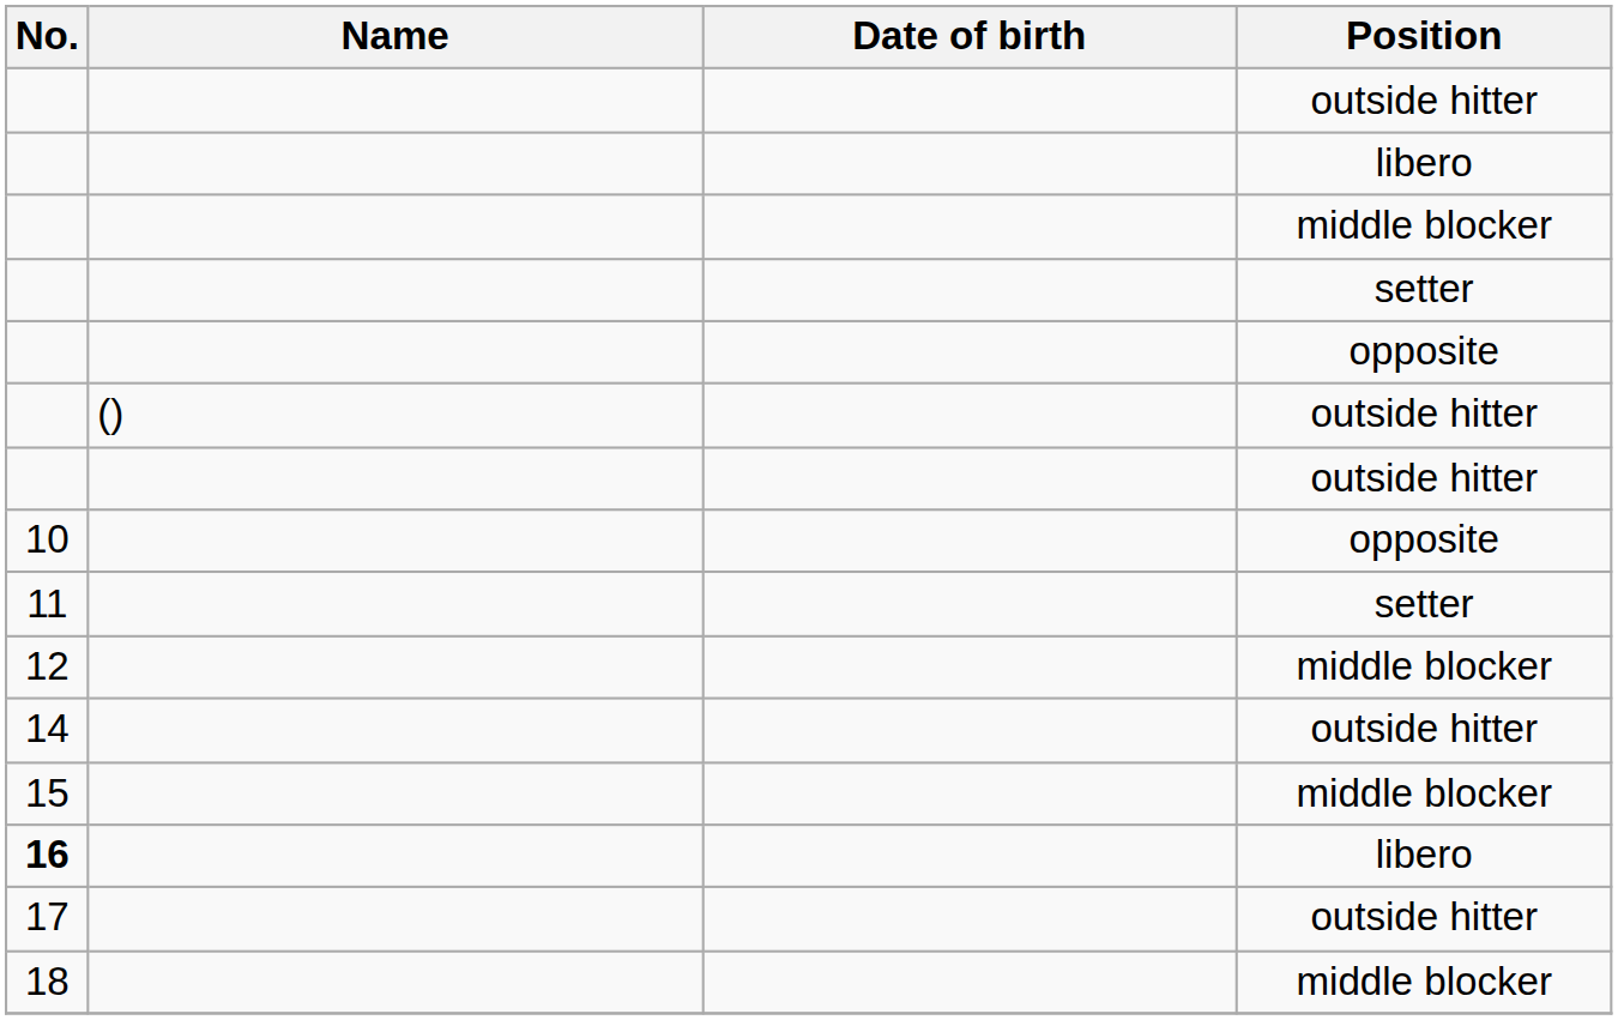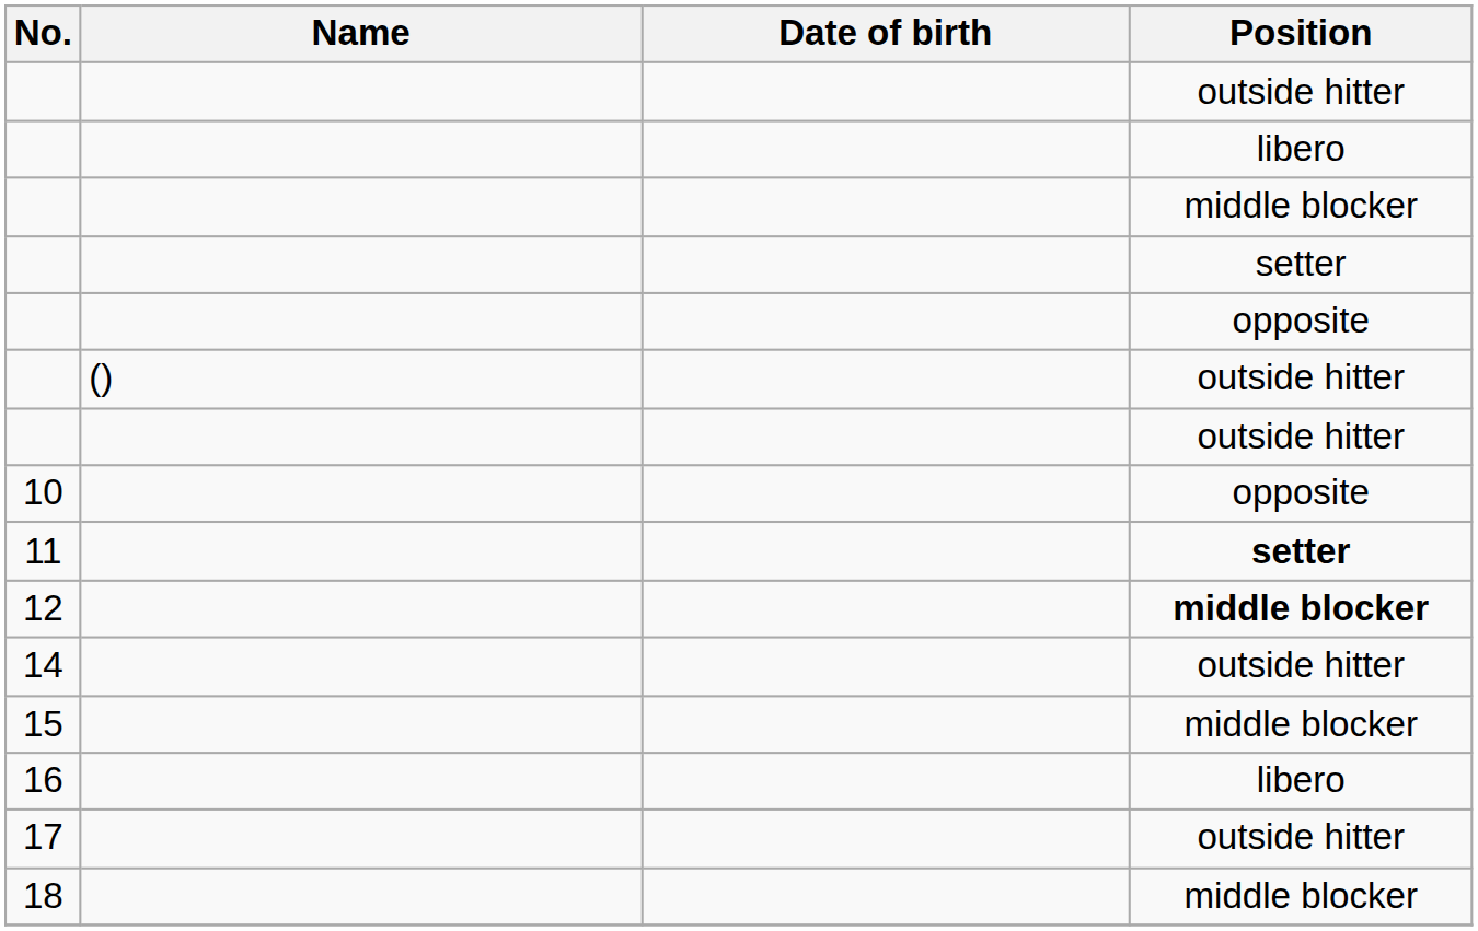 <table class="wikitable sortable" style="font-size:100%; text-align:center;">
 <tr>
 <th>No.</th>
 <th style="width:15em">Name</th>
 <th style="width:13em">Date of birth</th>
 <th style="width:9em">Position</th>
 </tr>
 <tr>
 <td></td>
 <td align=left> </td>
 <td align=right></td>
 <td>outside hitter</td>
 </tr>
 <tr>
 <td></td>
 <td align=left> </td>
 <td align=right></td>
 <td>libero</td>
 </tr>
 <tr>
 <td></td>
 <td align=left> </td>
 <td align=right></td>
 <td>middle blocker</td>
 </tr>
 <tr>
 <td></td>
 <td align=left> </td>
 <td align=right></td>
 <td>setter</td>
 </tr>
 <tr>
 <td></td>
 <td align=left> </td>
 <td align=right></td>
 <td>opposite</td>
 </tr>
 <tr>
 <td></td>
 <td align=left>  ()</td>
 <td align=right></td>
 <td>outside hitter</td>
 </tr>
 <tr>
 <td></td>
 <td align=left> </td>
 <td align=right></td>
 <td>outside hitter</td>
 </tr>
 <tr>
 <td>10</td>
 <td align=left> </td>
 <td align=right></td>
 <td>opposite</td>
 </tr>
 <tr>
 <td>11</td>
 <td align=left> </td>
 <td align=right></td>
-<td>setter</td>
+<td><strong>setter</strong></td>
 </tr>
 <tr>
 <td>12</td>
 <td align=left> </td>
 <td align=right></td>
-<td>middle blocker</td>
+<td><strong>middle blocker</strong></td>
 </tr>
 <tr>
 <td>14</td>
 <td align=left> </td>
 <td align=right></td>
 <td>outside hitter</td>
 </tr>
 <tr>
 <td>15</td>
 <td align=left> </td>
 <td align=right></td>
 <td>middle blocker</td>
 </tr>
 <tr>
-<td><strong>16</strong></td>
+<td>16</td>
 <td align=left> </td>
 <td align=right></td>
 <td>libero</td>
 </tr>
 <tr>
 <td>17</td>
 <td align=left> </td>
 <td align=right></td>
 <td>outside hitter</td>
 </tr>
 <tr>
 <td>18</td>
 <td align=left> </td>
 <td align=right></td>
 <td>middle blocker</td>
 </tr>
 <tr>
 </tr>
 </table>
